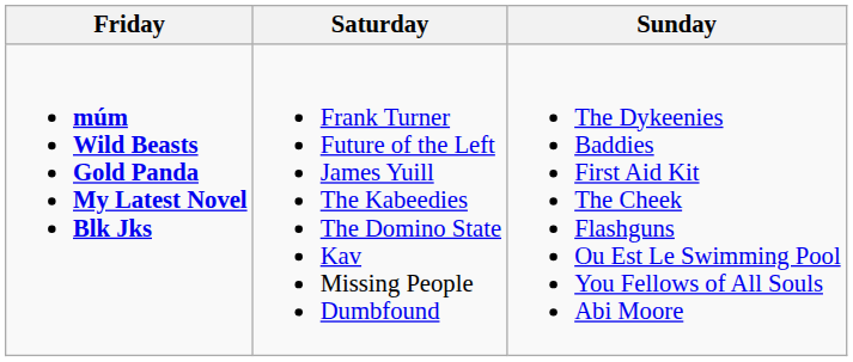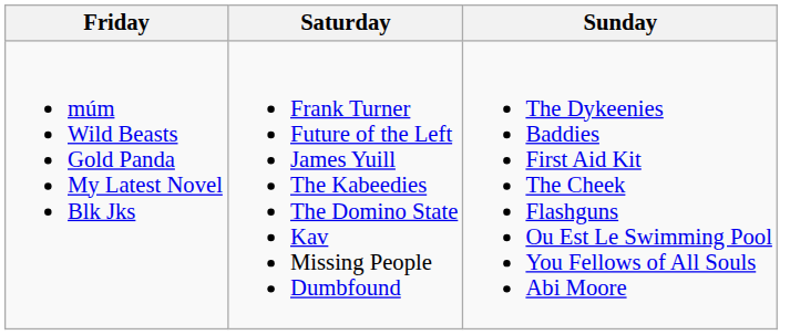 <table class="wikitable">
 <tr>
 <th>Friday</th>
 <th>Saturday</th>
 <th>Sunday</th>
 </tr>
 <tr>
-<td valign=top><strong><br><ul><li><a href='#'>múm</a></li><li><a href='#'>Wild Beasts</a></li><li><a href='#'>Gold Panda</a></li><li><a href='#'>My Latest Novel</a></li><li><a href='#'>Blk Jks</a></li></ul></strong></td>
+<td valign=top><br><ul><li><a href='#'>múm</a></li><li><a href='#'>Wild Beasts</a></li><li><a href='#'>Gold Panda</a></li><li><a href='#'>My Latest Novel</a></li><li><a href='#'>Blk Jks</a></li></ul></td>
 <td valign=top><br><ul><li><a href='#'>Frank Turner</a></li><li><a href='#'>Future of the Left</a></li><li><a href='#'>James Yuill</a></li><li><a href='#'>The Kabeedies</a></li><li><a href='#'>The Domino State</a></li><li><a href='#'>Kav</a></li><li>Missing People</li><li><a href='#'>Dumbfound</a></li></ul></td>
 <td valign=top><br><ul><li><a href='#'>The Dykeenies</a></li><li><a href='#'>Baddies</a></li><li><a href='#'>First Aid Kit</a></li><li><a href='#'>The Cheek</a></li><li><a href='#'>Flashguns</a></li><li><a href='#'>Ou Est Le Swimming Pool</a></li><li><a href='#'>You Fellows of All Souls</a></li><li><a href='#'>Abi Moore</a></li></ul></td>
 </tr>
 </table>
